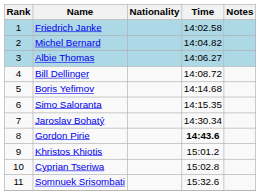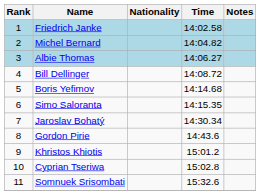 <table class="wikitable sortable" style="text-align:center">
 <tr>
 <th>Rank</th>
 <th>Name</th>
 <th>Nationality</th>
 <th>Time</th>
 <th>Notes</th>
 </tr>
 <tr bgcolor=lightblue>
 <td>1</td>
 <td align=left><a href='#'>Friedrich Janke</a></td>
 <td align=left></td>
 <td>14:02.58</td>
 <td></td>
 </tr>
 <tr bgcolor=lightblue>
 <td>2</td>
 <td align=left><a href='#'>Michel Bernard</a></td>
 <td align=left></td>
 <td>14:04.82</td>
 <td></td>
 </tr>
 <tr bgcolor=lightblue>
 <td>3</td>
 <td align=left><a href='#'>Albie Thomas</a></td>
 <td align=left></td>
 <td>14:06.27</td>
 <td></td>
 </tr>
 <tr>
 <td>4</td>
 <td align=left><a href='#'>Bill Dellinger</a></td>
 <td align=left></td>
 <td>14:08.72</td>
 <td></td>
 </tr>
 <tr>
 <td>5</td>
 <td align=left><a href='#'>Boris Yefimov</a></td>
 <td align=left></td>
 <td>14:14.68</td>
 <td></td>
 </tr>
 <tr>
 <td>6</td>
 <td align=left><a href='#'>Simo Saloranta</a></td>
 <td align=left></td>
 <td>14:15.35</td>
 <td></td>
 </tr>
 <tr>
 <td>7</td>
 <td align=left><a href='#'>Jaroslav Bohatý</a></td>
 <td align=left></td>
 <td>14:30.34</td>
 <td></td>
 </tr>
 <tr>
 <td>8</td>
 <td align=left><a href='#'>Gordon Pirie</a></td>
 <td align=left></td>
-<td><strong>14:43.6</strong></td>
+<td>14:43.6</td>
 <td></td>
 </tr>
 <tr>
 <td>9</td>
 <td align=left><a href='#'>Khristos Khiotis</a></td>
 <td align=left></td>
 <td>15:01.2</td>
 <td></td>
 </tr>
 <tr>
 <td>10</td>
 <td align=left><a href='#'>Cyprian Tseriwa</a></td>
 <td align=left></td>
 <td>15:02.8</td>
 <td></td>
 </tr>
 <tr>
 <td>11</td>
 <td align=left><a href='#'>Somnuek Srisombati</a></td>
 <td align=left></td>
 <td>15:32.6</td>
 <td></td>
 </tr>
 <tr>
 </tr>
 </table>
